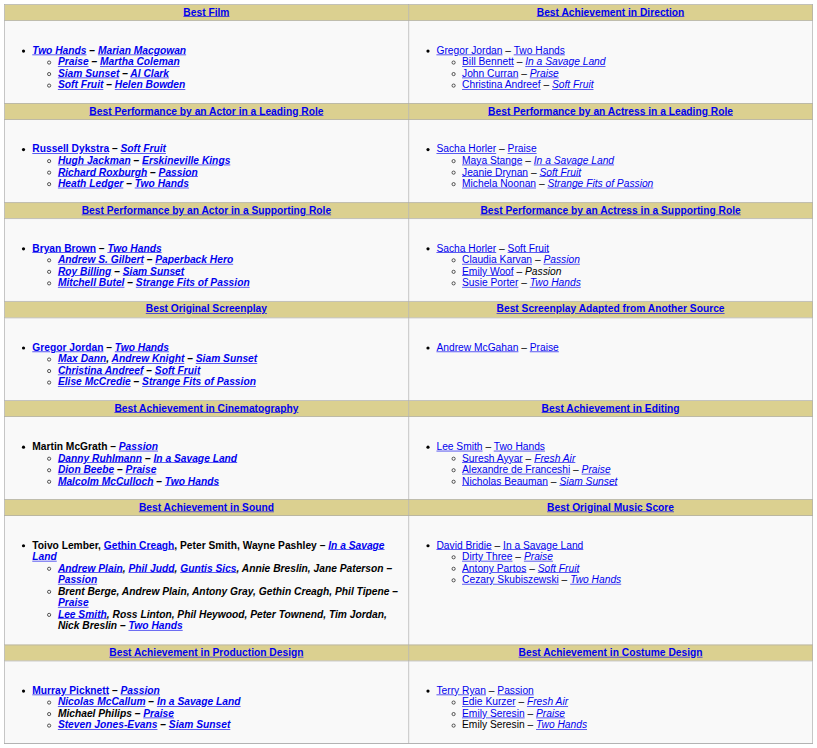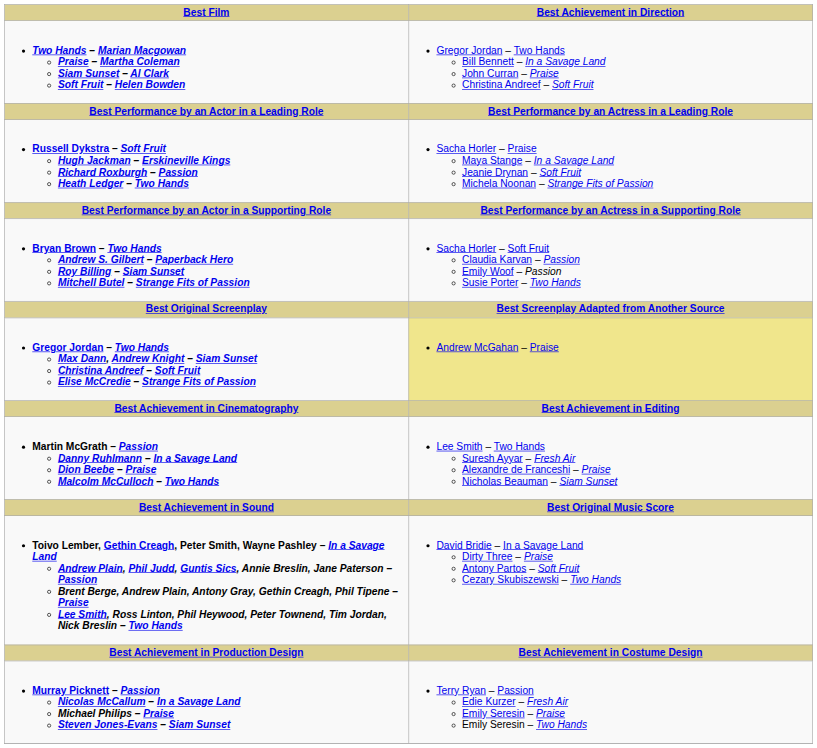 <table class=wikitable style="width:100%">
 <tr>
 <th style="background:#DBD090;" ! width="50%"><a href='#'>Best Film</a></th>
 <th style="background:#DBD090;" ! width="50%"><a href='#'>Best Achievement in Direction</a></th>
 </tr>
 <tr>
 <td valign="top"><br><ul><li><strong><em><a href='#'>Two Hands</a><em> – <a href='#'>Marian Macgowan</a><strong><ul><li></em><a href='#'>Praise</a><em> – <a href='#'>Martha Coleman</a></li><li></em><a href='#'>Siam Sunset</a><em> – <a href='#'>Al Clark</a></li><li></em><a href='#'>Soft Fruit</a><em> – <a href='#'>Helen Bowden</a></li></ul></li></ul></td>
 <td valign="top"><br><ul><li></strong><a href='#'>Gregor Jordan</a> – </em><a href='#'>Two Hands</a></em></strong><ul><li><a href='#'>Bill Bennett</a> – <em><a href='#'>In a Savage Land</a></em></li><li><a href='#'>John Curran</a> – <em><a href='#'>Praise</a></em></li><li><a href='#'>Christina Andreef</a> – <em><a href='#'>Soft Fruit</a></em></li></ul></li></ul></td>
 </tr>
 <tr>
 <th style="background:#DBD090;" ! width="50%"><a href='#'>Best Performance by an Actor in a Leading Role</a></th>
 <th style="background:#DBD090;" ! width="50%"><a href='#'>Best Performance by an Actress in a Leading Role</a></th>
 </tr>
 <tr>
 <td valign="top"><br><ul><li><strong><a href='#'>Russell Dykstra</a> – <em><a href='#'>Soft Fruit</a><strong><em><ul><li><a href='#'>Hugh Jackman</a> – </em><a href='#'>Erskineville Kings</a><em></li><li><a href='#'>Richard Roxburgh</a> – </em><a href='#'>Passion</a><em></li><li><a href='#'>Heath Ledger</a> – </em><a href='#'>Two Hands</a><em></li></ul></li></ul></td>
 <td valign="top"><br><ul><li></strong><a href='#'>Sacha Horler</a> – </em><a href='#'>Praise</a></em></strong><ul><li><a href='#'>Maya Stange</a> – <em><a href='#'>In a Savage Land</a></em></li><li><a href='#'>Jeanie Drynan</a> – <em><a href='#'>Soft Fruit</a></em></li><li><a href='#'>Michela Noonan</a> – <em><a href='#'>Strange Fits of Passion</a></em></li></ul></li></ul></td>
 </tr>
 <tr>
 <th style="background:#DBD090;" ! width="50%"><a href='#'>Best Performance by an Actor in a Supporting Role</a></th>
 <th style="background:#DBD090;" ! width="50%"><a href='#'>Best Performance by an Actress in a Supporting Role</a></th>
 </tr>
 <tr>
 <td valign="top"><br><ul><li><strong><a href='#'>Bryan Brown</a> – <em><a href='#'>Two Hands</a><strong><em><ul><li><a href='#'>Andrew S. Gilbert</a> – </em><a href='#'>Paperback Hero</a><em></li><li><a href='#'>Roy Billing</a> – </em><a href='#'>Siam Sunset</a><em></li><li><a href='#'>Mitchell Butel</a> – </em><a href='#'>Strange Fits of Passion</a><em></li></ul></li></ul></td>
 <td valign="top"><br><ul><li></strong><a href='#'>Sacha Horler</a> – </em><a href='#'>Soft Fruit</a></em></strong><ul><li><a href='#'>Claudia Karvan</a> – <em><a href='#'>Passion</a></em></li><li><a href='#'>Emily Woof</a> – <em>Passion</em></li><li><a href='#'>Susie Porter</a> – <em><a href='#'>Two Hands</a></em></li></ul></li></ul></td>
 </tr>
 <tr>
 <th style="background:#DBD090;" ! width="50%"><a href='#'>Best Original Screenplay</a></th>
 <th style="background:#DBD090;" ! width="50%"><a href='#'>Best Screenplay Adapted from Another Source</a></th>
 </tr>
 <tr>
 <td valign="top"><br><ul><li><strong><a href='#'>Gregor Jordan</a> – <em><a href='#'>Two Hands</a><strong><em><ul><li><a href='#'>Max Dann</a>, <a href='#'>Andrew Knight</a> – </em><a href='#'>Siam Sunset</a><em></li><li><a href='#'>Christina Andreef</a> – </em><a href='#'>Soft Fruit</a><em></li><li><a href='#'>Elise McCredie</a> – </em><a href='#'>Strange Fits of Passion</a><em></li></ul></li></ul></td>
-<td valign="top"><br><ul><li></strong><a href='#'>Andrew McGahan</a> – </em><a href='#'>Praise</a></em></strong></li></ul></td>
+<td valign="top" style="background: khaki;"><br><ul><li></strong><a href='#'>Andrew McGahan</a> – </em><a href='#'>Praise</a></em></strong></li></ul></td>
 </tr>
 <tr>
 <th style="background:#DBD090;" ! width="50%"><a href='#'>Best Achievement in Cinematography</a></th>
 <th style="background:#DBD090;" ! width="50%"><a href='#'>Best Achievement in Editing</a></th>
 </tr>
 <tr>
 <td valign="top"><br><ul><li><strong>Martin McGrath – <em><a href='#'>Passion</a><strong><em><ul><li><a href='#'>Danny Ruhlmann</a> – </em><a href='#'>In a Savage Land</a><em></li><li><a href='#'>Dion Beebe</a> – </em><a href='#'>Praise</a><em></li><li><a href='#'>Malcolm McCulloch</a> – </em><a href='#'>Two Hands</a><em></li></ul></li></ul></td>
 <td valign="top"><br><ul><li></strong><a href='#'>Lee Smith</a> – </em><a href='#'>Two Hands</a></em></strong><ul><li><a href='#'>Suresh Ayyar</a> – <em><a href='#'>Fresh Air</a></em></li><li><a href='#'>Alexandre de Franceshi</a> – <em><a href='#'>Praise</a></em></li><li><a href='#'>Nicholas Beauman</a> – <em><a href='#'>Siam Sunset</a></em></li></ul></li></ul></td>
 </tr>
 <tr>
 <th style="background:#DBD090;" ! width="50%"><a href='#'>Best Achievement in Sound</a></th>
 <th style="background:#DBD090;" ! width="50%"><a href='#'>Best Original Music Score</a></th>
 </tr>
 <tr>
 <td valign="top"><br><ul><li><strong>Toivo Lember, <a href='#'>Gethin Creagh</a>, Peter Smith, Wayne Pashley – <em><a href='#'>In a Savage Land</a><strong><em><ul><li><a href='#'>Andrew Plain</a>, <a href='#'>Phil Judd</a>, <a href='#'>Guntis Sics</a>, Annie Breslin, Jane Paterson – </em><a href='#'>Passion</a><em></li><li>Brent Berge, Andrew Plain, Antony Gray, Gethin Creagh, Phil Tipene – </em><a href='#'>Praise</a><em></li><li><a href='#'>Lee Smith</a>, Ross Linton, Phil Heywood, Peter Townend, Tim Jordan, Nick Breslin – </em><a href='#'>Two Hands</a><em></li></ul></li></ul></td>
 <td valign="top"><br><ul><li></strong><a href='#'>David Bridie</a> – </em><a href='#'>In a Savage Land</a></em></strong><ul><li><a href='#'>Dirty Three</a> – <em><a href='#'>Praise</a></em></li><li><a href='#'>Antony Partos</a> – <em><a href='#'>Soft Fruit</a></em></li><li><a href='#'>Cezary Skubiszewski</a> – <em><a href='#'>Two Hands</a></em></li></ul></li></ul></td>
 </tr>
 <tr>
 <th style="background:#DBD090;" ! width="50%"><a href='#'>Best Achievement in Production Design</a></th>
 <th style="background:#DBD090;" ! width="50%"><a href='#'>Best Achievement in Costume Design</a></th>
 </tr>
 <tr>
 <td valign="top"><br><ul><li><strong><a href='#'>Murray Picknett</a> – <em><a href='#'>Passion</a><strong><em><ul><li><a href='#'>Nicolas McCallum</a> – </em><a href='#'>In a Savage Land</a><em></li><li>Michael Philips – </em><a href='#'>Praise</a><em></li><li><a href='#'>Steven Jones-Evans</a> – </em><a href='#'>Siam Sunset</a><em></li></ul></li></ul></td>
 <td valign="top"><br><ul><li></strong><a href='#'>Terry Ryan</a> – </em><a href='#'>Passion</a></em></strong><ul><li><a href='#'>Edie Kurzer</a> – <em><a href='#'>Fresh Air</a></em></li><li><a href='#'>Emily Seresin</a> – <em><a href='#'>Praise</a></em></li><li>Emily Seresin – <em><a href='#'>Two Hands</a></em></li></ul></li></ul></td>
 </tr>
 <tr>
 </tr>
 </table>
